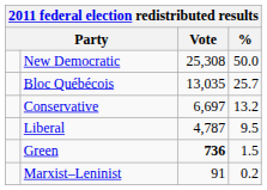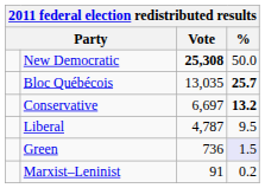 <table class="wikitable">
 <tr>
 <th colspan="4"><a href='#'>2011 federal election</a> redistributed results</th>
 </tr>
 <tr>
 <th bgcolor="#DDDDFF" width="130px" colspan="2">Party</th>
 <th bgcolor="#DDDDFF" width="50px">Vote</th>
 <th bgcolor="#DDDDFF" width="30px">%</th>
 </tr>
 <tr>
 <td> </td>
 <td><a href='#'>New Democratic</a></td>
-<td align=right>25,308</td>
+<td align=right><strong>25,308</strong></td>
 <td align=right>50.0</td>
 </tr>
 <tr>
 <td> </td>
 <td><a href='#'>Bloc Québécois</a></td>
 <td align=right>13,035</td>
-<td align=right>25.7</td>
+<td align=right><strong>25.7</strong></td>
 </tr>
 <tr>
 <td> </td>
 <td><a href='#'>Conservative</a></td>
 <td align=right>6,697</td>
-<td align=right>13.2</td>
+<td align=right><strong>13.2</strong></td>
 </tr>
 <tr>
 <td> </td>
 <td><a href='#'>Liberal</a></td>
 <td align=right>4,787</td>
 <td align=right>9.5</td>
 </tr>
 <tr>
 <td> </td>
 <td><a href='#'>Green</a></td>
-<td align=right><strong>736</strong></td>
-<td align=right>1.5</td>
+<td align=right>736</td>
+<td align=right style="background: lavender;">1.5</td>
 </tr>
 <tr>
 <td> </td>
 <td><a href='#'>Marxist–Leninist</a></td>
 <td align=right>91</td>
 <td align=right>0.2</td>
 </tr>
 </table>
